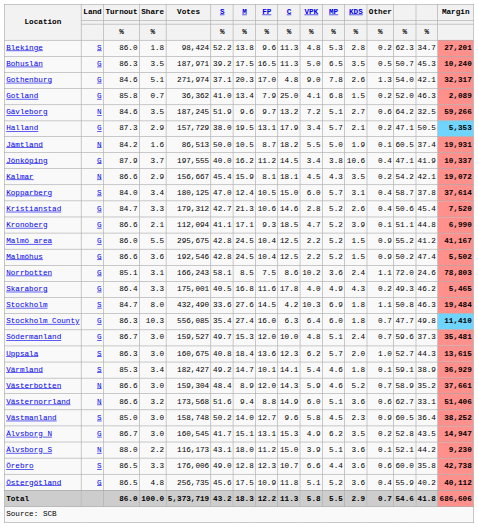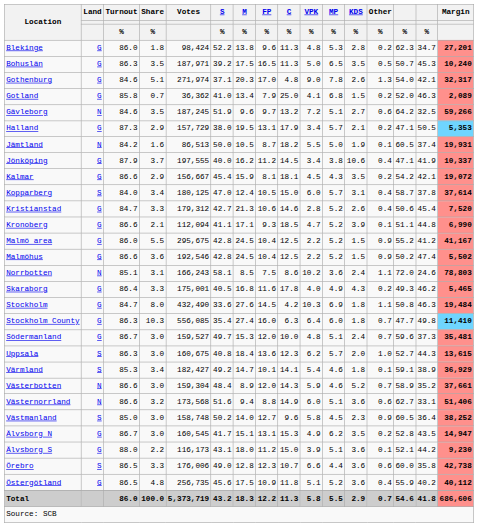 <table class="wikitable sortable" style="text-align:right; font-size:95%; line-height:20px;">
 <tr>
 <th rowspan="3">Location</th>
 <th>Land</th>
 <th>Turnout</th>
 <th>Share</th>
 <th>Votes</th>
 <th width="30px" class="unsortable"><a href='#'>S</a></th>
 <th width="30px" class="unsortable"><a href='#'>M</a></th>
 <th width="30px" class="unsortable"><a href='#'>FP</a></th>
 <th width="30px" class="unsortable"><a href='#'>C</a></th>
 <th width="30px" class="unsortable"><a href='#'>VPK</a></th>
 <th width="30px" class="unsortable"><a href='#'>MP</a></th>
 <th width="30px" class="unsortable"><a href='#'>KDS</a></th>
 <th width="30px" class="unsortable">Other</th>
 <th></th>
 <th></th>
 <th>Margin</th>
 </tr>
 <tr>
 <th></th>
 <th></th>
 <th></th>
 <th></th>
 <th style="background:"></th>
 <th style="background:"></th>
 <th style="background:"></th>
 <th style="background:"></th>
 <th style="background:"></th>
 <th style="background:"></th>
 <th style="background:"></th>
 <th style="background:"></th>
 <th style="background:"></th>
 <th style="background:"></th>
 <th></th>
 </tr>
 <tr>
 <th></th>
 <th data-sort-type="number">%</th>
 <th data-sort-type="number">%</th>
 <th></th>
 <th data-sort-type="number">%</th>
 <th data-sort-type="number">%</th>
 <th data-sort-type="number">%</th>
 <th data-sort-type="number">%</th>
 <th data-sort-type="number">%</th>
 <th data-sort-type="number">%</th>
 <th data-sort-type="number">%</th>
 <th data-sort-type="number">%</th>
 <th data-sort-type="number">%</th>
 <th data-sort-type="number">%</th>
 <th data-sort-type="number"></th>
 </tr>
 <tr>
 <td align=left><a href='#'>Blekinge</a></td>
-<td><a href='#'>S</a></td>
+<td><a href='#'>G</a></td>
 <td>86.0</td>
 <td>1.8</td>
 <td>98,424</td>
 <td>52.2</td>
 <td>13.8</td>
 <td>9.6</td>
 <td>11.3</td>
 <td>4.8</td>
 <td>5.3</td>
 <td>2.8</td>
 <td>0.2</td>
 <td>62.3</td>
 <td>34.7</td>
 <td bgcolor=#ff908c><strong>27,201</strong></td>
 </tr>
 <tr>
 <td align=left><a href='#'>Bohuslän</a></td>
 <td><a href='#'>G</a></td>
 <td>86.3</td>
 <td>3.5</td>
 <td>187,971</td>
 <td>39.2</td>
 <td>17.5</td>
 <td>16.5</td>
 <td>11.3</td>
 <td>5.0</td>
 <td>6.5</td>
 <td>3.5</td>
 <td>0.5</td>
 <td>50.7</td>
 <td>45.3</td>
 <td bgcolor=#ff908c><strong>10,240</strong></td>
 </tr>
 <tr>
 <td align=left><a href='#'>Gothenburg</a></td>
 <td><a href='#'>G</a></td>
 <td>84.6</td>
 <td>5.1</td>
 <td>271,974</td>
 <td>37.1</td>
 <td>20.3</td>
 <td>17.0</td>
 <td>4.8</td>
 <td>9.0</td>
 <td>7.8</td>
 <td>2.6</td>
 <td>1.3</td>
 <td>54.0</td>
 <td>42.1</td>
 <td bgcolor=#ff908c><strong>32,317</strong></td>
 </tr>
 <tr>
 <td align=left><a href='#'>Gotland</a></td>
 <td><a href='#'>G</a></td>
 <td>85.8</td>
 <td>0.7</td>
 <td>36,362</td>
 <td>41.0</td>
 <td>13.4</td>
 <td>7.9</td>
 <td>25.0</td>
 <td>4.1</td>
 <td>6.8</td>
 <td>1.5</td>
 <td>0.2</td>
 <td>52.0</td>
 <td>46.3</td>
 <td bgcolor=#ff908c><strong>2,089</strong></td>
 </tr>
 <tr>
 <td align=left><a href='#'>Gävleborg</a></td>
 <td><a href='#'>N</a></td>
 <td>84.6</td>
 <td>3.5</td>
 <td>187,245</td>
 <td>51.9</td>
 <td>9.6</td>
 <td>9.7</td>
 <td>13.2</td>
 <td>7.2</td>
 <td>5.1</td>
 <td>2.7</td>
 <td>0.6</td>
 <td>64.2</td>
 <td>32.5</td>
 <td bgcolor=#ff908c><strong>59,266</strong></td>
 </tr>
 <tr>
 <td align=left><a href='#'>Halland</a></td>
 <td><a href='#'>G</a></td>
 <td>87.3</td>
 <td>2.9</td>
 <td>157,729</td>
 <td>38.0</td>
 <td>19.5</td>
 <td>13.1</td>
 <td>17.9</td>
 <td>3.4</td>
 <td>5.7</td>
 <td>2.1</td>
 <td>0.2</td>
 <td>47.1</td>
 <td>50.5</td>
 <td bgcolor=#6fd5fe><strong>5,353</strong></td>
 </tr>
 <tr>
 <td align=left><a href='#'>Jämtland</a></td>
 <td><a href='#'>N</a></td>
 <td>84.2</td>
 <td>1.6</td>
 <td>86,513</td>
 <td>50.0</td>
 <td>10.5</td>
 <td>8.7</td>
 <td>18.2</td>
 <td>5.5</td>
 <td>5.0</td>
 <td>1.9</td>
 <td>0.1</td>
 <td>60.5</td>
 <td>37.4</td>
 <td bgcolor=#ff908c><strong>19,931</strong></td>
 </tr>
 <tr>
 <td align=left><a href='#'>Jönköping</a></td>
 <td><a href='#'>G</a></td>
 <td>87.9</td>
 <td>3.7</td>
 <td>197,555</td>
 <td>40.0</td>
 <td>16.2</td>
 <td>11.2</td>
 <td>14.5</td>
 <td>3.4</td>
 <td>3.8</td>
 <td>10.6</td>
 <td>0.4</td>
 <td>47.1</td>
 <td>41.9</td>
 <td bgcolor=#ff908c><strong>10,337</strong></td>
 </tr>
 <tr>
 <td align=left><a href='#'>Kalmar</a></td>
-<td><a href='#'>N</a></td>
+<td><a href='#'>G</a></td>
 <td>86.6</td>
 <td>2.9</td>
 <td>156,667</td>
 <td>45.4</td>
 <td>15.9</td>
 <td>8.1</td>
 <td>18.1</td>
 <td>4.5</td>
 <td>4.3</td>
 <td>3.5</td>
 <td>0.2</td>
 <td>54.2</td>
 <td>42.1</td>
 <td bgcolor=#ff908c><strong>19,072</strong></td>
 </tr>
 <tr>
 <td align=left><a href='#'>Kopparberg</a></td>
 <td><a href='#'>S</a></td>
 <td>84.0</td>
 <td>3.4</td>
 <td>180,125</td>
 <td>47.0</td>
 <td>12.4</td>
 <td>10.5</td>
 <td>15.0</td>
 <td>6.0</td>
 <td>5.7</td>
 <td>3.1</td>
 <td>0.4</td>
 <td>58.7</td>
 <td>37.8</td>
 <td bgcolor=#ff908c><strong>37,614</strong></td>
 </tr>
 <tr>
 <td align=left><a href='#'>Kristianstad</a></td>
 <td><a href='#'>G</a></td>
 <td>84.7</td>
 <td>3.3</td>
 <td>179,312</td>
 <td>42.7</td>
 <td>21.3</td>
 <td>10.6</td>
 <td>14.6</td>
 <td>2.8</td>
 <td>5.2</td>
 <td>2.6</td>
 <td>0.4</td>
 <td>50.6</td>
 <td>45.4</td>
 <td bgcolor=#ff908c><strong>7,520</strong></td>
 </tr>
 <tr>
 <td align=left><a href='#'>Kronoberg</a></td>
 <td><a href='#'>G</a></td>
 <td>86.6</td>
 <td>2.1</td>
 <td>112,094</td>
 <td>41.1</td>
 <td>17.1</td>
 <td>9.3</td>
 <td>18.5</td>
 <td>4.7</td>
 <td>5.2</td>
 <td>3.9</td>
 <td>0.1</td>
 <td>51.1</td>
 <td>44.8</td>
 <td bgcolor=#ff908c><strong>6,990</strong></td>
 </tr>
 <tr>
 <td align=left><a href='#'>Malmö area</a></td>
 <td><a href='#'>G</a></td>
 <td>86.0</td>
 <td>5.5</td>
 <td>295,675</td>
 <td>42.8</td>
 <td>24.5</td>
 <td>10.4</td>
 <td>12.5</td>
 <td>2.2</td>
 <td>5.2</td>
 <td>1.5</td>
 <td>0.9</td>
 <td>55.2</td>
 <td>41.2</td>
 <td bgcolor=#ff908c><strong>41,167</strong></td>
 </tr>
 <tr>
 <td align=left><a href='#'>Malmöhus</a></td>
 <td><a href='#'>G</a></td>
 <td>86.6</td>
 <td>3.6</td>
 <td>192,546</td>
 <td>42.8</td>
 <td>24.5</td>
 <td>10.4</td>
 <td>12.5</td>
 <td>2.2</td>
 <td>5.2</td>
 <td>1.5</td>
 <td>0.9</td>
 <td>50.2</td>
 <td>47.4</td>
 <td bgcolor=#ff908c><strong>5,502</strong></td>
 </tr>
 <tr>
 <td align=left><a href='#'>Norrbotten</a></td>
-<td><a href='#'>G</a></td>
+<td><a href='#'>N</a></td>
 <td>85.1</td>
 <td>3.1</td>
 <td>166,243</td>
 <td>58.1</td>
 <td>8.5</td>
 <td>7.5</td>
 <td>8.6</td>
 <td>10.2</td>
 <td>3.6</td>
 <td>2.4</td>
 <td>1.1</td>
 <td>72.0</td>
 <td>24.6</td>
 <td bgcolor=#ff908c><strong>78,803</strong></td>
 </tr>
 <tr>
 <td align=left><a href='#'>Skaraborg</a></td>
 <td><a href='#'>G</a></td>
 <td>86.4</td>
 <td>3.3</td>
 <td>175,001</td>
 <td>40.5</td>
 <td>16.8</td>
 <td>11.6</td>
 <td>17.8</td>
 <td>4.0</td>
 <td>4.9</td>
 <td>4.3</td>
 <td>0.2</td>
 <td>49.3</td>
 <td>46.2</td>
 <td bgcolor=#ff908c><strong>5,465</strong></td>
 </tr>
 <tr>
 <td align=left><a href='#'>Stockholm</a></td>
-<td><a href='#'>S</a></td>
+<td><a href='#'>G</a></td>
 <td>84.7</td>
 <td>8.0</td>
 <td>432,490</td>
 <td>33.6</td>
 <td>27.6</td>
 <td>14.5</td>
 <td>4.2</td>
 <td>10.3</td>
 <td>6.9</td>
 <td>1.8</td>
 <td>1.1</td>
 <td>50.8</td>
 <td>46.3</td>
 <td bgcolor=#ff908c><strong>19,484</strong></td>
 </tr>
 <tr>
 <td align=left><a href='#'>Stockholm County</a></td>
 <td><a href='#'>G</a></td>
 <td>86.3</td>
 <td>10.3</td>
 <td>556,085</td>
 <td>35.4</td>
 <td>27.4</td>
 <td>16.0</td>
 <td>6.3</td>
 <td>6.4</td>
 <td>6.0</td>
 <td>1.8</td>
 <td>0.7</td>
 <td>47.7</td>
 <td>49.8</td>
 <td bgcolor=#6fd5fe><strong>11,410</strong></td>
 </tr>
 <tr>
 <td align=left><a href='#'>Södermanland</a></td>
 <td><a href='#'>G</a></td>
 <td>86.7</td>
 <td>3.0</td>
 <td>159,527</td>
 <td>49.7</td>
 <td>15.3</td>
 <td>12.0</td>
 <td>10.0</td>
 <td>4.8</td>
 <td>5.1</td>
 <td>2.4</td>
 <td>0.7</td>
 <td>59.6</td>
 <td>37.3</td>
 <td bgcolor=#ff908c><strong>35,481</strong></td>
 </tr>
 <tr>
 <td align=left><a href='#'>Uppsala</a></td>
 <td><a href='#'>S</a></td>
 <td>86.3</td>
 <td>3.0</td>
 <td>160,675</td>
 <td>40.8</td>
 <td>18.4</td>
 <td>13.6</td>
 <td>12.3</td>
 <td>6.2</td>
 <td>5.7</td>
 <td>2.0</td>
 <td>1.0</td>
 <td>52.7</td>
 <td>44.3</td>
 <td bgcolor=#ff908c><strong>13,615</strong></td>
 </tr>
 <tr>
 <td align=left><a href='#'>Värmland</a></td>
 <td><a href='#'>S</a></td>
 <td>85.3</td>
 <td>3.4</td>
 <td>182,427</td>
 <td>49.2</td>
 <td>14.7</td>
 <td>10.1</td>
 <td>14.1</td>
 <td>5.4</td>
 <td>4.6</td>
 <td>1.8</td>
 <td>0.1</td>
 <td>59.1</td>
 <td>38.9</td>
 <td bgcolor=#ff908c><strong>36,929</strong></td>
 </tr>
 <tr>
 <td align=left><a href='#'>Västerbotten</a></td>
 <td><a href='#'>N</a></td>
 <td>86.6</td>
 <td>3.0</td>
 <td>159,304</td>
 <td>48.4</td>
 <td>8.9</td>
 <td>12.0</td>
 <td>14.3</td>
 <td>5.9</td>
 <td>4.6</td>
 <td>5.2</td>
 <td>0.7</td>
 <td>58.9</td>
 <td>35.2</td>
 <td bgcolor=#ff908c><strong>37,661</strong></td>
 </tr>
 <tr>
 <td align=left><a href='#'>Västernorrland</a></td>
 <td><a href='#'>N</a></td>
 <td>86.6</td>
 <td>3.2</td>
 <td>173,568</td>
 <td>51.6</td>
 <td>9.4</td>
 <td>8.8</td>
 <td>14.9</td>
 <td>6.0</td>
 <td>5.1</td>
 <td>3.6</td>
 <td>0.6</td>
 <td>62.7</td>
 <td>33.1</td>
 <td bgcolor=#ff908c><strong>51,406</strong></td>
 </tr>
 <tr>
 <td align=left><a href='#'>Västmanland</a></td>
 <td><a href='#'>S</a></td>
 <td>85.0</td>
 <td>3.0</td>
 <td>158,748</td>
 <td>50.2</td>
 <td>14.0</td>
 <td>12.7</td>
 <td>9.6</td>
 <td>5.8</td>
 <td>4.5</td>
 <td>2.3</td>
 <td>0.9</td>
 <td>60.5</td>
 <td>36.4</td>
 <td bgcolor=#ff908c><strong>38,252</strong></td>
 </tr>
 <tr>
 <td align=left><a href='#'>Älvsborg N</a></td>
 <td><a href='#'>G</a></td>
 <td>86.7</td>
 <td>3.0</td>
 <td>160,545</td>
 <td>41.7</td>
 <td>15.1</td>
 <td>13.1</td>
 <td>15.3</td>
 <td>4.9</td>
 <td>6.2</td>
 <td>3.5</td>
 <td>0.2</td>
 <td>52.8</td>
 <td>43.5</td>
 <td bgcolor=#ff908c><strong>14,947</strong></td>
 </tr>
 <tr>
 <td align=left><a href='#'>Älvsborg S</a></td>
-<td><a href='#'>N</a></td>
+<td><a href='#'>G</a></td>
 <td>88.0</td>
 <td>2.2</td>
 <td>116,173</td>
 <td>43.1</td>
 <td>18.0</td>
 <td>11.2</td>
 <td>15.0</td>
 <td>3.9</td>
 <td>5.1</td>
 <td>3.6</td>
 <td>0.1</td>
 <td>52.1</td>
 <td>44.2</td>
 <td bgcolor=#ff908c><strong>9,230</strong></td>
 </tr>
 <tr>
 <td align=left><a href='#'>Örebro</a></td>
 <td><a href='#'>S</a></td>
 <td>86.5</td>
 <td>3.3</td>
 <td>176,006</td>
 <td>49.0</td>
 <td>12.8</td>
 <td>12.3</td>
 <td>10.7</td>
 <td>6.6</td>
 <td>4.4</td>
 <td>3.6</td>
 <td>0.6</td>
 <td>60.0</td>
 <td>35.8</td>
 <td bgcolor=#ff908c><strong>42,738</strong></td>
 </tr>
 <tr>
 <td align=left><a href='#'>Östergötland</a></td>
 <td><a href='#'>G</a></td>
 <td>86.5</td>
 <td>4.8</td>
 <td>256,735</td>
 <td>45.6</td>
 <td>17.5</td>
 <td>10.9</td>
 <td>11.8</td>
 <td>5.1</td>
 <td>5.2</td>
 <td>3.6</td>
 <td>0.4</td>
 <td>55.9</td>
 <td>40.2</td>
 <td bgcolor=#ff908c><strong>40,112</strong></td>
 </tr>
 <tr>
 </tr>
 <tr style="background:#CDCDCD;">
 <td align=left><strong>Total</strong></td>
 <td></td>
 <td><strong>86.0</strong></td>
 <td><strong>100.0</strong></td>
 <td><strong>5,373,719</strong></td>
 <td><strong>43.2</strong></td>
 <td><strong>18.3</strong></td>
 <td><strong>12.2</strong></td>
 <td><strong>11.3</strong></td>
 <td><strong>5.8</strong></td>
 <td><strong>5.5</strong></td>
 <td><strong>2.9</strong></td>
 <td><strong>0.7</strong></td>
 <td><strong>54.6</strong></td>
 <td><strong>41.8</strong></td>
 <td bgcolor=#ff908c><strong>686,606</strong></td>
 </tr>
 <tr>
 <td align=left colspan=16>Source: SCB </td>
 </tr>
 </table>
